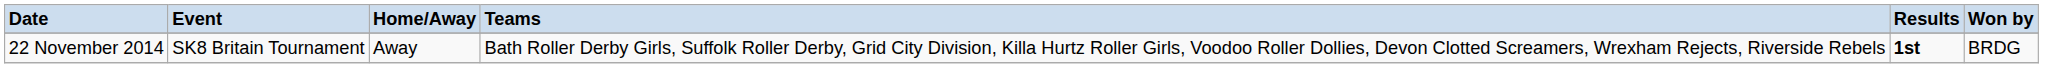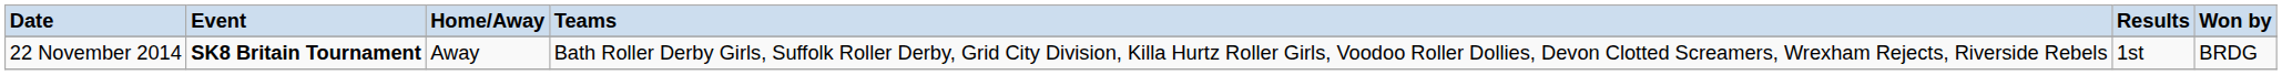 <table class="wikitable">
 <tr ---- bgcolor=#CCDDEE>
 <td><strong>Date</strong></td>
 <td><strong>Event</strong></td>
 <td><strong>Home/Away</strong></td>
 <td><strong>Teams</strong></td>
 <td><strong>Results</strong></td>
 <td><strong>Won by</strong></td>
 </tr>
 <tr>
 </tr>
 <tr -----bgcolor=#DDEEFF>
 <td>22 November 2014</td>
-<td>SK8 Britain Tournament</td>
+<td><strong>SK8 Britain Tournament</strong></td>
 <td>Away</td>
 <td>Bath Roller Derby Girls, Suffolk Roller Derby, Grid City Division, Killa Hurtz Roller Girls, Voodoo Roller Dollies, Devon Clotted Screamers, Wrexham Rejects, Riverside Rebels</td>
-<td><strong>1st</strong></td>
+<td>1st</td>
 <td>BRDG</td>
 </tr>
 <tr>
 </tr>
 </table>
